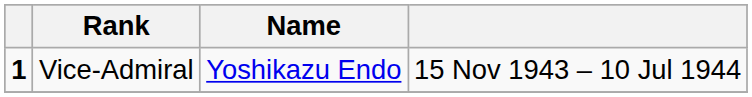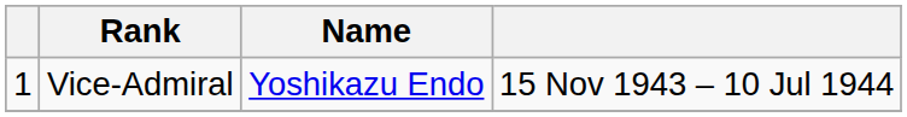 <table class=wikitable>
 <tr>
 <th></th>
 <th>Rank</th>
 <th>Name</th>
 <th Date></th>
 </tr>
 <tr>
-<td><strong>1</strong></td>
+<td>1</td>
 <td>Vice-Admiral</td>
 <td><a href='#'>Yoshikazu Endo</a></td>
 <td>15 Nov 1943 – 10 Jul 1944</td>
 </tr>
 <tr>
 </tr>
 </table>
